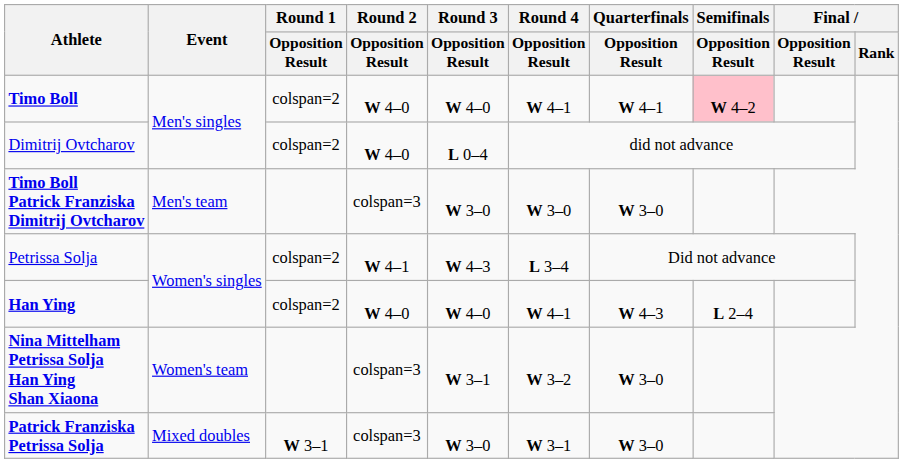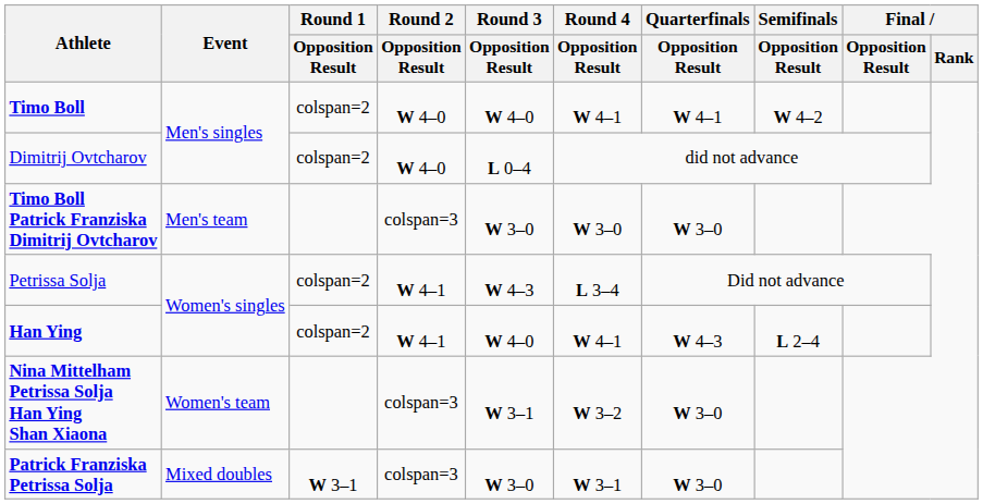 <table class="wikitable" style="text-align:center; font-size:90%">
 <tr>
 <th rowspan=2>Athlete</th>
 <th rowspan=2>Event</th>
 <th>Round 1</th>
 <th>Round 2</th>
 <th>Round 3</th>
 <th>Round 4</th>
 <th>Quarterfinals</th>
 <th>Semifinals</th>
 <th colspan=2>Final / </th>
 </tr>
 <tr style="font-size:95%">
 <th>Opposition<br>Result</th>
 <th>Opposition<br>Result</th>
 <th>Opposition<br>Result</th>
 <th>Opposition<br>Result</th>
 <th>Opposition<br>Result</th>
 <th>Opposition<br>Result</th>
 <th>Opposition<br>Result</th>
 <th>Rank</th>
 </tr>
 <tr>
 <td align=left><strong><a href='#'>Timo Boll</a></strong></td>
 <td rowspan=2 align=left><a href='#'>Men's singles</a></td>
 <td>colspan=2 </td>
 <td><br> <strong>W</strong> 4–0</td>
 <td><br> <strong>W</strong> 4–0</td>
 <td><br> <strong>W</strong> 4–1</td>
 <td><br> <strong>W</strong> 4–1</td>
-<td style="background: pink;"><br> <strong>W</strong> 4–2</td>
+<td><br> <strong>W</strong> 4–2</td>
 <td></td>
 </tr>
 <tr>
 <td align=left><a href='#'>Dimitrij Ovtcharov</a></td>
 <td>colspan=2 </td>
 <td><br> <strong>W</strong> 4–0</td>
 <td><br> <strong>L</strong> 0–4</td>
 <td colspan=4>did not advance</td>
 </tr>
 <tr>
 <td align=left><strong><a href='#'>Timo Boll</a><br><a href='#'>Patrick Franziska</a><br><a href='#'>Dimitrij Ovtcharov</a></strong></td>
 <td align=left><a href='#'>Men's team</a></td>
 <td></td>
 <td>colspan=3 </td>
 <td><br> <strong>W</strong> 3–0</td>
 <td><br> <strong>W</strong> 3–0</td>
 <td><br> <strong>W</strong> 3–0</td>
 <td></td>
 </tr>
 <tr>
 <td align=left><a href='#'>Petrissa Solja</a></td>
 <td rowspan=2 align=left><a href='#'>Women's singles</a></td>
 <td>colspan=2 </td>
 <td><br> <strong>W</strong> 4–1</td>
 <td><br> <strong>W</strong> 4–3</td>
 <td><br> <strong>L</strong> 3–4</td>
 <td colspan=3>Did not advance</td>
 </tr>
 <tr>
 <td align=left><strong><a href='#'>Han Ying</a></strong></td>
 <td>colspan=2 </td>
-<td><br> <strong>W</strong> 4–0</td>
+<td><br> <strong>W</strong> 4–1</td>
 <td><br> <strong>W</strong> 4–0</td>
 <td><br> <strong>W</strong> 4–1</td>
 <td><br> <strong>W</strong> 4–3</td>
 <td><br> <strong>L</strong> 2–4</td>
 <td></td>
 </tr>
 <tr>
 <td align=left><strong><a href='#'>Nina Mittelham</a><br><a href='#'>Petrissa Solja</a><br><a href='#'>Han Ying</a><br><a href='#'>Shan Xiaona</a></strong></td>
 <td align=left><a href='#'>Women's team</a></td>
 <td></td>
 <td>colspan=3 </td>
 <td><br> <strong>W</strong> 3–1</td>
 <td><br> <strong>W</strong> 3–2</td>
 <td><br> <strong>W</strong> 3–0</td>
 <td></td>
 </tr>
 <tr>
 <td align=left><strong><a href='#'>Patrick Franziska</a><br><a href='#'>Petrissa Solja</a></strong></td>
 <td align=left><a href='#'>Mixed doubles</a></td>
 <td><br> <strong>W</strong> 3–1</td>
 <td>colspan=3 </td>
 <td><br> <strong>W</strong> 3–0</td>
 <td><br> <strong>W</strong> 3–1</td>
 <td><br> <strong>W</strong> 3–0</td>
 <td></td>
 </tr>
 </table>
